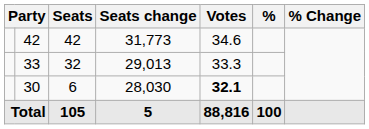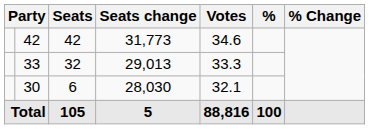 <table class="wikitable sortable">
 <tr>
 <th colspan=2>Party</th>
 <th>Seats</th>
 <th>Seats change</th>
 <th>Votes</th>
 <th>%</th>
 <th>% Change</th>
 </tr>
 <tr>
 <td></td>
 <td align=center>42</td>
 <td align=center>42</td>
 <td align=center>31,773</td>
 <td align=center>34.6</td>
 <td align=center></td>
 </tr>
 <tr>
 <td></td>
 <td align=center>33</td>
 <td align=center>32</td>
 <td align=center>29,013</td>
 <td align=center>33.3</td>
 <td align=center></td>
 </tr>
 <tr>
 <td></td>
 <td align=center>30</td>
 <td align=center>6</td>
 <td align=center>28,030</td>
-<td align=center><strong>32.1</strong></td>
+<td align=center>32.1</td>
 <td align=center></td>
 </tr>
 <tr class="sortbottom" style="font-weight:bold; background:rgb(232,232,232);">
 <td colspan=2 style=text-align:right>Total</td>
 <td align=center>105</td>
 <td align=center>5</td>
 <td align=center>88,816</td>
 <td align=center>100</td>
 <td align=center></td>
 </tr>
 </table>
